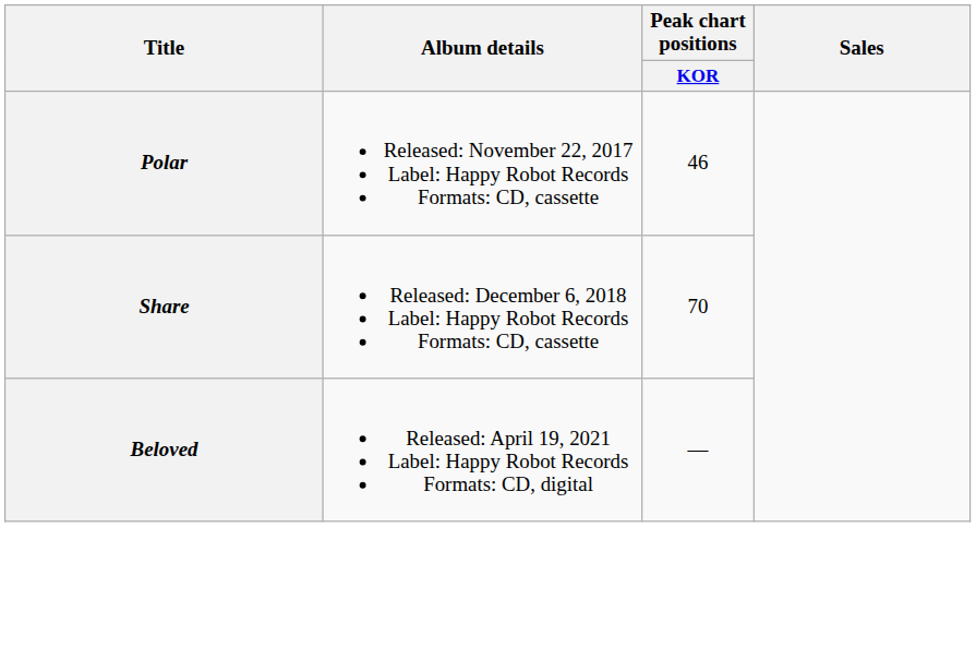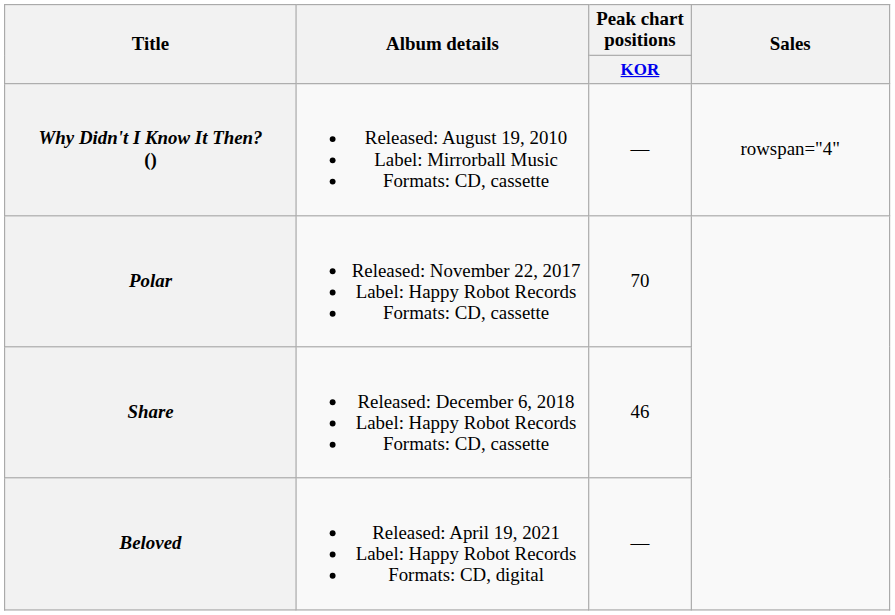 <table class="wikitable plainrowheaders" style="text-align:center;">
 <tr>
 <th scope="col" rowspan="2" style="width:15em;">Title</th>
 <th scope="col" rowspan="2" style="width:15em;">Album details</th>
 <th scope="col" colspan="1" style="width:5em;">Peak chart positions</th>
 <th scope="col" rowspan="2" style="width:10em;">Sales</th>
 </tr>
 <tr>
 <th style="font-size:90%"><a href='#'>KOR</a><br></th>
 </tr>
 <tr>
+<th scope="row"><em>Why Didn't I Know It Then?</em><br>()</th>
+<td><br><ul><li>Released: August 19, 2010</li><li>Label: Mirrorball Music</li><li>Formats: CD, cassette</li></ul></td>
+<td>—</td>
+<td>rowspan="4" </td>
+</tr>
+<tr>
 <th scope="row"><em>Polar</em></th>
 <td><br><ul><li>Released: November 22, 2017</li><li>Label: Happy Robot Records</li><li>Formats: CD, cassette</li></ul></td>
-<td>46</td>
+<td>70</td>
 </tr>
 <tr>
 <th scope="row"><em>Share</em></th>
 <td><br><ul><li>Released: December 6, 2018</li><li>Label: Happy Robot Records</li><li>Formats: CD, cassette</li></ul></td>
-<td>70</td>
+<td>46</td>
 </tr>
 <tr>
 <th scope="row"><em>Beloved</em></th>
 <td><br><ul><li>Released: April 19, 2021</li><li>Label: Happy Robot Records</li><li>Formats: CD, digital</li></ul></td>
 <td>—</td>
 </tr>
 </table>
